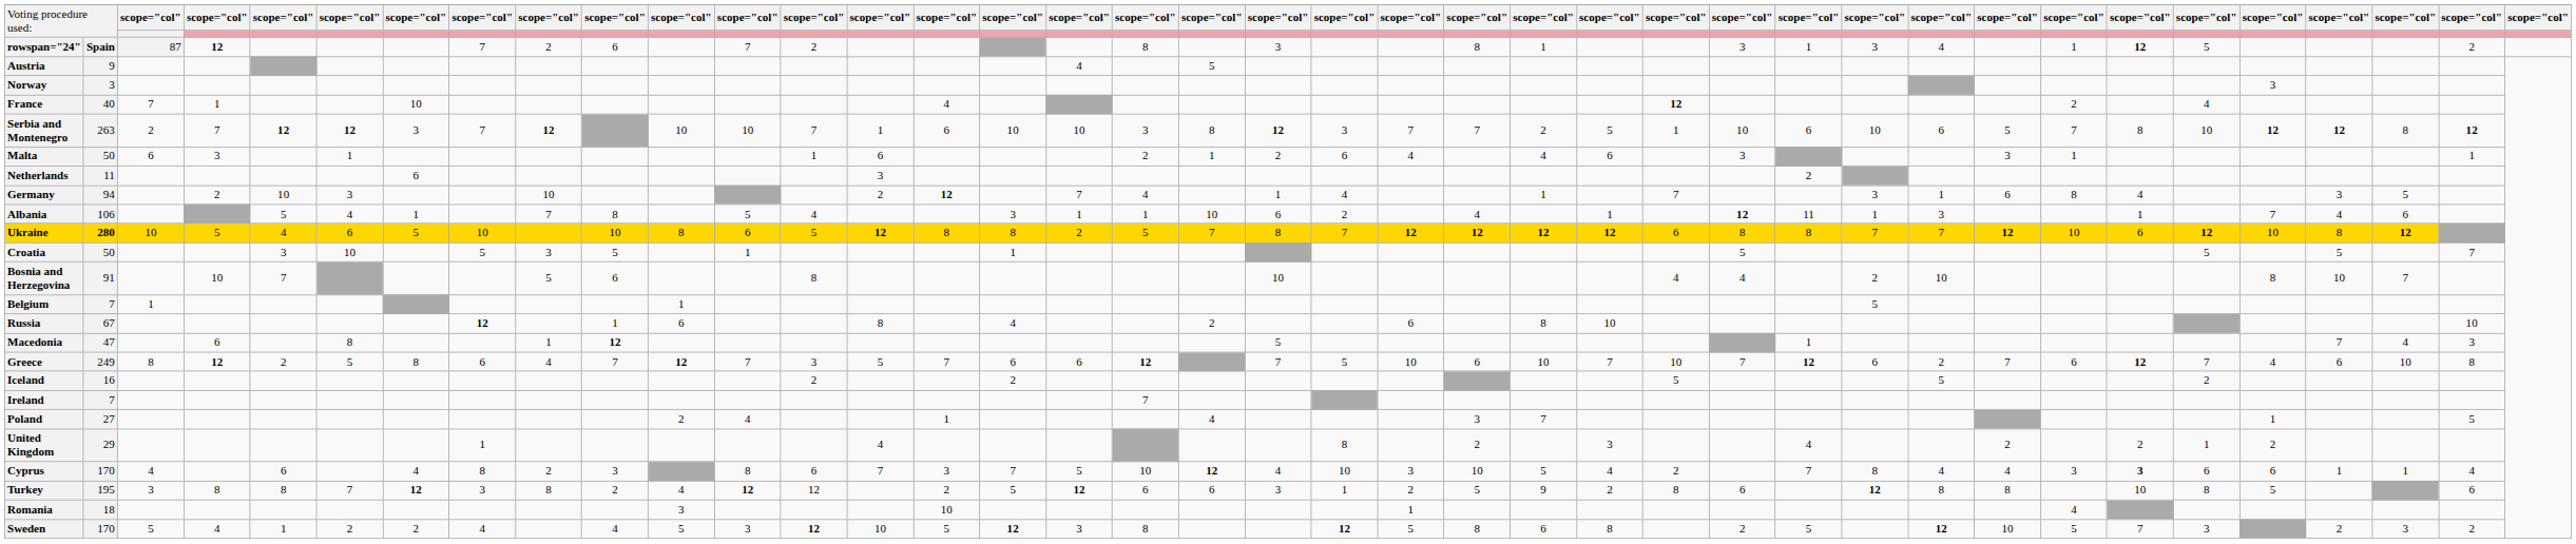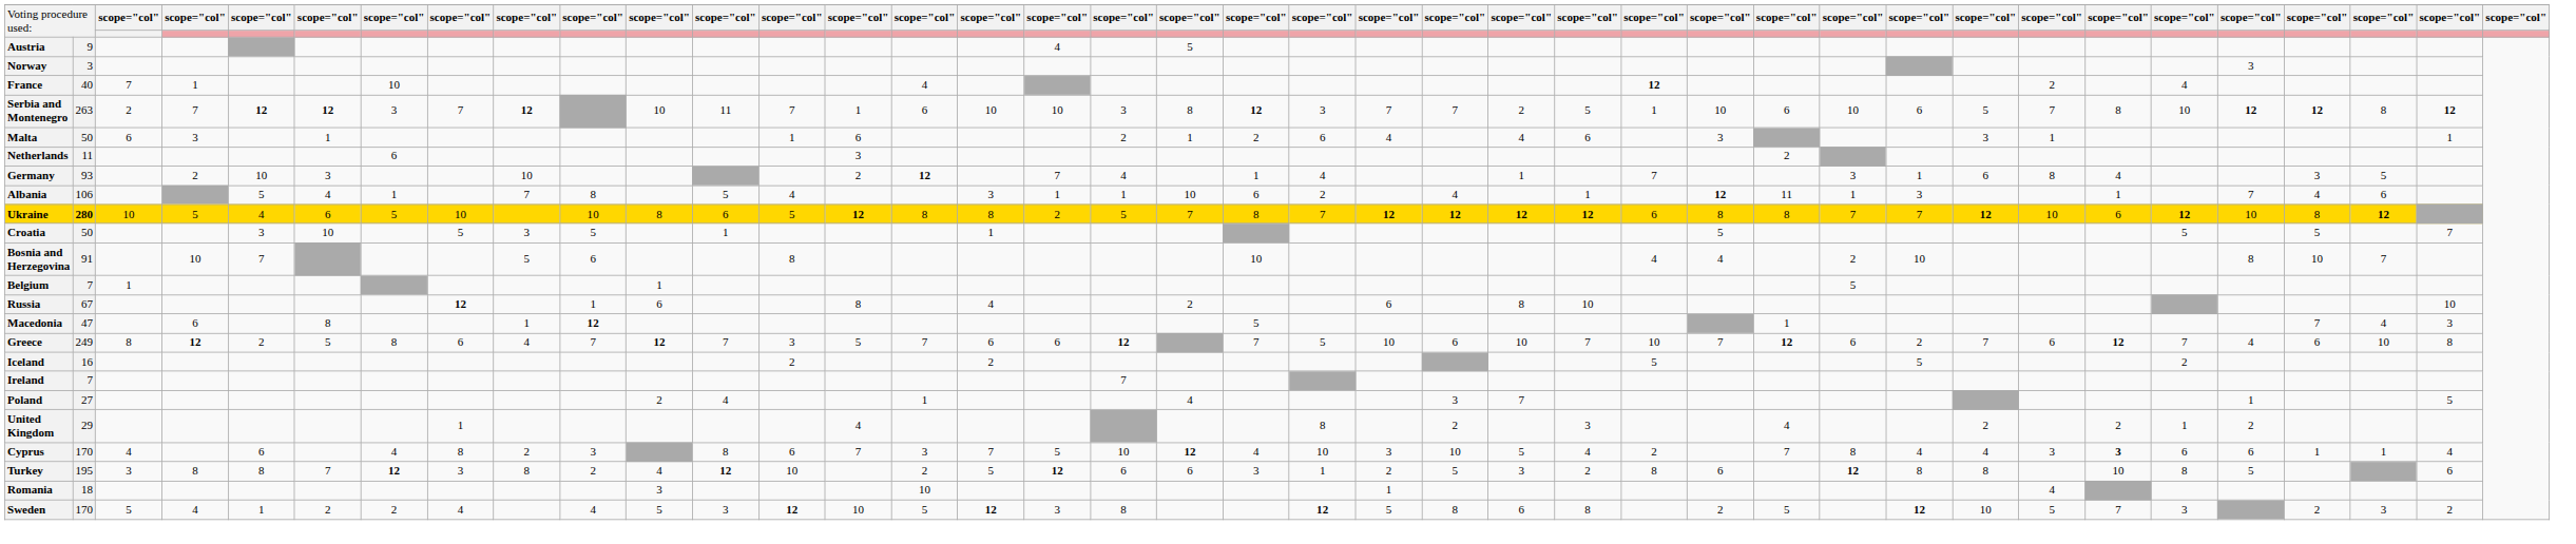 <table class="wikitable plainrowheaders" style="text-align:center; font-size:85%;">
 <tr>
 </tr>
 <tr>
 <td colspan="2" rowspan="2" style="text-align:left; background:#F2F2F2">Voting procedure used:<br></td>
 <th>scope="col" </th>
 <th>scope="col" </th>
 <th>scope="col" </th>
 <th>scope="col" </th>
 <th>scope="col" </th>
 <th>scope="col" </th>
 <th>scope="col" </th>
 <th>scope="col" </th>
 <th>scope="col" </th>
 <th>scope="col" </th>
 <th>scope="col" </th>
 <th>scope="col" </th>
 <th>scope="col" </th>
 <th>scope="col" </th>
 <th>scope="col" </th>
 <th>scope="col" </th>
 <th>scope="col" </th>
 <th>scope="col" </th>
 <th>scope="col" </th>
 <th>scope="col" </th>
 <th>scope="col" </th>
 <th>scope="col" </th>
 <th>scope="col" </th>
 <th>scope="col" </th>
 <th>scope="col" </th>
 <th>scope="col" </th>
 <th>scope="col" </th>
 <th>scope="col" </th>
 <th>scope="col" </th>
 <th>scope="col" </th>
 <th>scope="col" </th>
 <th>scope="col" </th>
 <th>scope="col" </th>
 <th>scope="col" </th>
 <th>scope="col" </th>
 <th>scope="col" </th>
 <th>scope="col" </th>
 </tr>
 <tr>
 <th style="height:2px; border-top:1px solid transparent;"></th>
 <td style="background:#EFA4A9;"></td>
 <td style="background:#EFA4A9;"></td>
 <td style="background:#EFA4A9;"></td>
 <td style="background:#EFA4A9;"></td>
 <td style="background:#EFA4A9;"></td>
 <td style="background:#EFA4A9;"></td>
 <td style="background:#EFA4A9;"></td>
 <td style="background:#EFA4A9;"></td>
 <td style="background:#EFA4A9;"></td>
 <td style="background:#EFA4A9;"></td>
 <td style="background:#EFA4A9;"></td>
 <td style="background:#EFA4A9;"></td>
 <td style="background:#EFA4A9;"></td>
 <td style="background:#EFA4A9;"></td>
 <td style="background:#EFA4A9;"></td>
 <td style="background:#EFA4A9;"></td>
 <td style="background:#EFA4A9;"></td>
 <td style="background:#EFA4A9;"></td>
 <td style="background:#EFA4A9;"></td>
 <td style="background:#EFA4A9;"></td>
 <td style="background:#EFA4A9;"></td>
 <td style="background:#EFA4A9;"></td>
 <td style="background:#EFA4A9;"></td>
 <td style="background:#EFA4A9;"></td>
 <td style="background:#EFA4A9;"></td>
 <td style="background:#EFA4A9;"></td>
 <td style="background:#EFA4A9;"></td>
 <td style="background:#EFA4A9;"></td>
 <td style="background:#EFA4A9;"></td>
 <td style="background:#EFA4A9;"></td>
 <td style="background:#EFA4A9;"></td>
 <td style="background:#EFA4A9;"></td>
 <td style="background:#EFA4A9;"></td>
 <td style="background:#EFA4A9;"></td>
 <td style="background:#EFA4A9;"></td>
 <td style="background:#EFA4A9;"></td>
-</tr>
-<tr>
-<th>rowspan="24" </th>
-<th scope="row" style="text-align:left; background:#f2f2f2;">Spain</th>
-<td style="text-align:right; background:#f2f2f2;">87</td>
-<td><strong>12</strong></td>
-<td></td>
-<td></td>
-<td></td>
-<td>7</td>
-<td>2</td>
-<td>6</td>
-<td></td>
-<td>7</td>
-<td>2</td>
-<td></td>
-<td></td>
-<td style="text-align:left; background:#aaa;"></td>
-<td></td>
-<td>8</td>
-<td></td>
-<td>3</td>
-<td></td>
-<td></td>
-<td>8</td>
-<td>1</td>
-<td></td>
-<td></td>
-<td>3</td>
-<td>1</td>
-<td>3</td>
-<td>4</td>
-<td></td>
-<td>1</td>
-<td><strong>12</strong></td>
-<td>5</td>
-<td></td>
-<td></td>
-<td></td>
-<td>2</td>
-<td></td>
 </tr>
 <tr>
 <th scope="row" style="text-align:left; background:#f2f2f2;">Austria</th>
 <td style="text-align:right; background:#f2f2f2;">9</td>
 <td></td>
 <td></td>
 <td style="text-align:left; background:#aaa;"></td>
 <td></td>
 <td></td>
 <td></td>
 <td></td>
 <td></td>
 <td></td>
 <td></td>
 <td></td>
 <td></td>
 <td></td>
 <td></td>
 <td>4</td>
 <td></td>
 <td>5</td>
 <td></td>
 <td></td>
 <td></td>
 <td></td>
 <td></td>
 <td></td>
 <td></td>
 <td></td>
 <td></td>
 <td></td>
 <td></td>
 <td></td>
 <td></td>
 <td></td>
 <td></td>
 <td></td>
 <td></td>
 <td></td>
 <td></td>
 </tr>
 <tr>
 <th scope="row" style="text-align:left; background:#f2f2f2;">Norway</th>
 <td style="text-align:right; background:#f2f2f2;">3</td>
 <td></td>
 <td></td>
 <td></td>
 <td></td>
 <td></td>
 <td></td>
 <td></td>
 <td></td>
 <td></td>
 <td></td>
 <td></td>
 <td></td>
 <td></td>
 <td></td>
 <td></td>
 <td></td>
 <td></td>
 <td></td>
 <td></td>
 <td></td>
 <td></td>
 <td></td>
 <td></td>
 <td></td>
 <td></td>
 <td></td>
 <td></td>
 <td style="text-align:left; background:#aaa;"></td>
 <td></td>
 <td></td>
 <td></td>
 <td></td>
 <td>3</td>
 <td></td>
 <td></td>
 <td></td>
 </tr>
 <tr>
 <th scope="row" style="text-align:left; background:#f2f2f2;">France</th>
 <td style="text-align:right; background:#f2f2f2;">40</td>
 <td>7</td>
 <td>1</td>
 <td></td>
 <td></td>
 <td>10</td>
 <td></td>
 <td></td>
 <td></td>
 <td></td>
 <td></td>
 <td></td>
 <td></td>
 <td>4</td>
 <td></td>
 <td style="text-align:left; background:#aaa;"></td>
 <td></td>
 <td></td>
 <td></td>
 <td></td>
 <td></td>
 <td></td>
 <td></td>
 <td></td>
 <td><strong>12</strong></td>
 <td></td>
 <td></td>
 <td></td>
 <td></td>
 <td></td>
 <td>2</td>
 <td></td>
 <td>4</td>
 <td></td>
 <td></td>
 <td></td>
 <td></td>
 </tr>
 <tr>
 <th scope="row" style="text-align:left; background:#f2f2f2;">Serbia and Montenegro</th>
 <td style="text-align:right; background:#f2f2f2;">263</td>
 <td>2</td>
 <td>7</td>
 <td><strong>12</strong></td>
 <td><strong>12</strong></td>
 <td>3</td>
 <td>7</td>
 <td><strong>12</strong></td>
 <td style="text-align:left; background:#aaa;"></td>
 <td>10</td>
-<td>10</td>
+<td>11</td>
 <td>7</td>
 <td>1</td>
 <td>6</td>
 <td>10</td>
 <td>10</td>
 <td>3</td>
 <td>8</td>
 <td><strong>12</strong></td>
 <td>3</td>
 <td>7</td>
 <td>7</td>
 <td>2</td>
 <td>5</td>
 <td>1</td>
 <td>10</td>
 <td>6</td>
 <td>10</td>
 <td>6</td>
 <td>5</td>
 <td>7</td>
 <td>8</td>
 <td>10</td>
 <td><strong>12</strong></td>
 <td><strong>12</strong></td>
 <td>8</td>
 <td><strong>12</strong></td>
 </tr>
 <tr>
 <th scope="row" style="text-align:left; background:#f2f2f2;">Malta</th>
 <td style="text-align:right; background:#f2f2f2;">50</td>
 <td>6</td>
 <td>3</td>
 <td></td>
 <td>1</td>
 <td></td>
 <td></td>
 <td></td>
 <td></td>
 <td></td>
 <td></td>
 <td>1</td>
 <td>6</td>
 <td></td>
 <td></td>
 <td></td>
 <td>2</td>
 <td>1</td>
 <td>2</td>
 <td>6</td>
 <td>4</td>
 <td></td>
 <td>4</td>
 <td>6</td>
 <td></td>
 <td>3</td>
 <td style="text-align:left; background:#aaa;"></td>
 <td></td>
 <td></td>
 <td>3</td>
 <td>1</td>
 <td></td>
 <td></td>
 <td></td>
 <td></td>
 <td></td>
 <td>1</td>
 </tr>
 <tr>
 <th scope="row" style="text-align:left; background:#f2f2f2;">Netherlands</th>
 <td style="text-align:right; background:#f2f2f2;">11</td>
 <td></td>
 <td></td>
 <td></td>
 <td></td>
 <td>6</td>
 <td></td>
 <td></td>
 <td></td>
 <td></td>
 <td></td>
 <td></td>
 <td>3</td>
 <td></td>
 <td></td>
 <td></td>
 <td></td>
 <td></td>
 <td></td>
 <td></td>
 <td></td>
 <td></td>
 <td></td>
 <td></td>
 <td></td>
 <td></td>
 <td>2</td>
 <td style="text-align:left; background:#aaa;"></td>
 <td></td>
 <td></td>
 <td></td>
 <td></td>
 <td></td>
 <td></td>
 <td></td>
 <td></td>
 <td></td>
 </tr>
 <tr>
 <th scope="row" style="text-align:left; background:#f2f2f2;">Germany</th>
-<td style="text-align:right; background:#f2f2f2;">94</td>
+<td style="text-align:right; background:#f2f2f2;">93</td>
 <td></td>
 <td>2</td>
 <td>10</td>
 <td>3</td>
 <td></td>
 <td></td>
 <td>10</td>
 <td></td>
 <td></td>
 <td style="text-align:left; background:#aaa;"></td>
 <td></td>
 <td>2</td>
 <td><strong>12</strong></td>
 <td></td>
 <td>7</td>
 <td>4</td>
 <td></td>
 <td>1</td>
 <td>4</td>
 <td></td>
 <td></td>
 <td>1</td>
 <td></td>
 <td>7</td>
 <td></td>
 <td></td>
 <td>3</td>
 <td>1</td>
 <td>6</td>
 <td>8</td>
 <td>4</td>
 <td></td>
 <td></td>
 <td>3</td>
 <td>5</td>
 <td></td>
 </tr>
 <tr>
 <th scope="row" style="text-align:left; background:#f2f2f2;">Albania</th>
 <td style="text-align:right; background:#f2f2f2;">106</td>
 <td></td>
 <td style="text-align:left; background:#aaa;"></td>
 <td>5</td>
 <td>4</td>
 <td>1</td>
 <td></td>
 <td>7</td>
 <td>8</td>
 <td></td>
 <td>5</td>
 <td>4</td>
 <td></td>
 <td></td>
 <td>3</td>
 <td>1</td>
 <td>1</td>
 <td>10</td>
 <td>6</td>
 <td>2</td>
 <td></td>
 <td>4</td>
 <td></td>
 <td>1</td>
 <td></td>
 <td><strong>12</strong></td>
 <td>11</td>
 <td>1</td>
 <td>3</td>
 <td></td>
 <td></td>
 <td>1</td>
 <td></td>
 <td>7</td>
 <td>4</td>
 <td>6</td>
 <td></td>
 </tr>
 <tr style="background:gold;">
 <th scope="row" style="text-align:left; font-weight:bold; background:gold;">Ukraine</th>
 <td style="text-align:right; font-weight:bold;">280</td>
 <td>10</td>
 <td>5</td>
 <td>4</td>
 <td>6</td>
 <td>5</td>
 <td>10</td>
 <td></td>
 <td>10</td>
 <td>8</td>
 <td>6</td>
 <td>5</td>
 <td><strong>12</strong></td>
 <td>8</td>
 <td>8</td>
 <td>2</td>
 <td>5</td>
 <td>7</td>
 <td>8</td>
 <td>7</td>
 <td><strong>12</strong></td>
 <td><strong>12</strong></td>
 <td><strong>12</strong></td>
 <td><strong>12</strong></td>
 <td>6</td>
 <td>8</td>
 <td>8</td>
 <td>7</td>
 <td>7</td>
 <td><strong>12</strong></td>
 <td>10</td>
 <td>6</td>
 <td><strong>12</strong></td>
 <td>10</td>
 <td>8</td>
 <td><strong>12</strong></td>
 <td style="text-align:left; background:#aaa;"></td>
 </tr>
 <tr>
 <th scope="row" style="text-align:left; background:#f2f2f2;">Croatia</th>
 <td style="text-align:right; background:#f2f2f2;">50</td>
 <td></td>
 <td></td>
 <td>3</td>
 <td>10</td>
 <td></td>
 <td>5</td>
 <td>3</td>
 <td>5</td>
 <td></td>
 <td>1</td>
 <td></td>
 <td></td>
 <td></td>
 <td>1</td>
 <td></td>
 <td></td>
 <td></td>
 <td style="text-align:left; background:#aaa;"></td>
 <td></td>
 <td></td>
 <td></td>
 <td></td>
 <td></td>
 <td></td>
 <td>5</td>
 <td></td>
 <td></td>
 <td></td>
 <td></td>
 <td></td>
 <td></td>
 <td>5</td>
 <td></td>
 <td>5</td>
 <td></td>
 <td>7</td>
 </tr>
 <tr>
 <th scope="row" style="text-align:left; background:#f2f2f2;">Bosnia and Herzegovina</th>
 <td style="text-align:right; background:#f2f2f2;">91</td>
 <td></td>
 <td>10</td>
 <td>7</td>
 <td style="text-align:left; background:#aaa;"></td>
 <td></td>
 <td></td>
 <td>5</td>
 <td>6</td>
 <td></td>
 <td></td>
 <td>8</td>
 <td></td>
 <td></td>
 <td></td>
 <td></td>
 <td></td>
 <td></td>
 <td>10</td>
 <td></td>
 <td></td>
 <td></td>
 <td></td>
 <td></td>
 <td>4</td>
 <td>4</td>
 <td></td>
 <td>2</td>
 <td>10</td>
 <td></td>
 <td></td>
 <td></td>
 <td></td>
 <td>8</td>
 <td>10</td>
 <td>7</td>
 <td></td>
 </tr>
 <tr>
 <th scope="row" style="text-align:left; background:#f2f2f2;">Belgium</th>
 <td style="text-align:right; background:#f2f2f2;">7</td>
 <td>1</td>
 <td></td>
 <td></td>
 <td></td>
 <td style="text-align:left; background:#aaa;"></td>
 <td></td>
 <td></td>
 <td></td>
 <td>1</td>
 <td></td>
 <td></td>
 <td></td>
 <td></td>
 <td></td>
 <td></td>
 <td></td>
 <td></td>
 <td></td>
 <td></td>
 <td></td>
 <td></td>
 <td></td>
 <td></td>
 <td></td>
 <td></td>
 <td></td>
 <td>5</td>
 <td></td>
 <td></td>
 <td></td>
 <td></td>
 <td></td>
 <td></td>
 <td></td>
 <td></td>
 <td></td>
 </tr>
 <tr>
 <th scope="row" style="text-align:left; background:#f2f2f2;">Russia</th>
 <td style="text-align:right; background:#f2f2f2;">67</td>
 <td></td>
 <td></td>
 <td></td>
 <td></td>
 <td></td>
 <td><strong>12</strong></td>
 <td></td>
 <td>1</td>
 <td>6</td>
 <td></td>
 <td></td>
 <td>8</td>
 <td></td>
 <td>4</td>
 <td></td>
 <td></td>
 <td>2</td>
 <td></td>
 <td></td>
 <td>6</td>
 <td></td>
 <td>8</td>
 <td>10</td>
 <td></td>
 <td></td>
 <td></td>
 <td></td>
 <td></td>
 <td></td>
 <td></td>
 <td></td>
 <td style="text-align:left; background:#aaa;"></td>
 <td></td>
 <td></td>
 <td></td>
 <td>10</td>
 </tr>
 <tr>
 <th scope="row" style="text-align:left; background:#f2f2f2;">Macedonia</th>
 <td style="text-align:right; background:#f2f2f2;">47</td>
 <td></td>
 <td>6</td>
 <td></td>
 <td>8</td>
 <td></td>
 <td></td>
 <td>1</td>
 <td><strong>12</strong></td>
 <td></td>
 <td></td>
 <td></td>
 <td></td>
 <td></td>
 <td></td>
 <td></td>
 <td></td>
 <td></td>
 <td>5</td>
 <td></td>
 <td></td>
 <td></td>
 <td></td>
 <td></td>
 <td></td>
 <td style="text-align:left; background:#aaa;"></td>
 <td>1</td>
 <td></td>
 <td></td>
 <td></td>
 <td></td>
 <td></td>
 <td></td>
 <td></td>
 <td>7</td>
 <td>4</td>
 <td>3</td>
 </tr>
 <tr>
 <th scope="row" style="text-align:left; background:#f2f2f2;">Greece</th>
 <td style="text-align:right; background:#f2f2f2;">249</td>
 <td>8</td>
 <td><strong>12</strong></td>
 <td>2</td>
 <td>5</td>
 <td>8</td>
 <td>6</td>
 <td>4</td>
 <td>7</td>
 <td><strong>12</strong></td>
 <td>7</td>
 <td>3</td>
 <td>5</td>
 <td>7</td>
 <td>6</td>
 <td>6</td>
 <td><strong>12</strong></td>
 <td style="text-align:left; background:#aaa;"></td>
 <td>7</td>
 <td>5</td>
 <td>10</td>
 <td>6</td>
 <td>10</td>
 <td>7</td>
 <td>10</td>
 <td>7</td>
 <td><strong>12</strong></td>
 <td>6</td>
 <td>2</td>
 <td>7</td>
 <td>6</td>
 <td><strong>12</strong></td>
 <td>7</td>
 <td>4</td>
 <td>6</td>
 <td>10</td>
 <td>8</td>
 </tr>
 <tr>
 <th scope="row" style="text-align:left; background:#f2f2f2;">Iceland</th>
 <td style="text-align:right; background:#f2f2f2;">16</td>
 <td></td>
 <td></td>
 <td></td>
 <td></td>
 <td></td>
 <td></td>
 <td></td>
 <td></td>
 <td></td>
 <td></td>
 <td>2</td>
 <td></td>
 <td></td>
 <td>2</td>
 <td></td>
 <td></td>
 <td></td>
 <td></td>
 <td></td>
 <td></td>
 <td style="text-align:left; background:#aaa;"></td>
 <td></td>
 <td></td>
 <td>5</td>
 <td></td>
 <td></td>
 <td></td>
 <td>5</td>
 <td></td>
 <td></td>
 <td></td>
 <td>2</td>
 <td></td>
 <td></td>
 <td></td>
 <td></td>
 </tr>
 <tr>
 <th scope="row" style="text-align:left; background:#f2f2f2;">Ireland</th>
 <td style="text-align:right; background:#f2f2f2;">7</td>
 <td></td>
 <td></td>
 <td></td>
 <td></td>
 <td></td>
 <td></td>
 <td></td>
 <td></td>
 <td></td>
 <td></td>
 <td></td>
 <td></td>
 <td></td>
 <td></td>
 <td></td>
 <td>7</td>
 <td></td>
 <td></td>
 <td style="text-align:left; background:#aaa;"></td>
 <td></td>
 <td></td>
 <td></td>
 <td></td>
 <td></td>
 <td></td>
 <td></td>
 <td></td>
 <td></td>
 <td></td>
 <td></td>
 <td></td>
 <td></td>
 <td></td>
 <td></td>
 <td></td>
 <td></td>
 </tr>
 <tr>
 <th scope="row" style="text-align:left; background:#f2f2f2;">Poland</th>
 <td style="text-align:right; background:#f2f2f2;">27</td>
 <td></td>
 <td></td>
 <td></td>
 <td></td>
 <td></td>
 <td></td>
 <td></td>
 <td></td>
 <td>2</td>
 <td>4</td>
 <td></td>
 <td></td>
 <td>1</td>
 <td></td>
 <td></td>
 <td></td>
 <td>4</td>
 <td></td>
 <td></td>
 <td></td>
 <td>3</td>
 <td>7</td>
 <td></td>
 <td></td>
 <td></td>
 <td></td>
 <td></td>
 <td></td>
 <td style="text-align:left; background:#aaa;"></td>
 <td></td>
 <td></td>
 <td></td>
 <td>1</td>
 <td></td>
 <td></td>
 <td>5</td>
 </tr>
 <tr>
 <th scope="row" style="text-align:left; background:#f2f2f2;">United Kingdom</th>
 <td style="text-align:right; background:#f2f2f2;">29</td>
 <td></td>
 <td></td>
 <td></td>
 <td></td>
 <td></td>
 <td>1</td>
 <td></td>
 <td></td>
 <td></td>
 <td></td>
 <td></td>
 <td>4</td>
 <td></td>
 <td></td>
 <td></td>
 <td style="text-align:left; background:#aaa;"></td>
 <td></td>
 <td></td>
 <td>8</td>
 <td></td>
 <td>2</td>
 <td></td>
 <td>3</td>
 <td></td>
 <td></td>
 <td>4</td>
 <td></td>
 <td></td>
 <td>2</td>
 <td></td>
 <td>2</td>
 <td>1</td>
 <td>2</td>
 <td></td>
 <td></td>
 <td></td>
 </tr>
 <tr>
 <th scope="row" style="text-align:left; background:#f2f2f2;">Cyprus</th>
 <td style="text-align:right; background:#f2f2f2;">170</td>
 <td>4</td>
 <td></td>
 <td>6</td>
 <td></td>
 <td>4</td>
 <td>8</td>
 <td>2</td>
 <td>3</td>
 <td style="text-align:left; background:#aaa;"></td>
 <td>8</td>
 <td>6</td>
 <td>7</td>
 <td>3</td>
 <td>7</td>
 <td>5</td>
 <td>10</td>
 <td><strong>12</strong></td>
 <td>4</td>
 <td>10</td>
 <td>3</td>
 <td>10</td>
 <td>5</td>
 <td>4</td>
 <td>2</td>
 <td></td>
 <td>7</td>
 <td>8</td>
 <td>4</td>
 <td>4</td>
 <td>3</td>
 <td><strong>3</strong></td>
 <td>6</td>
 <td>6</td>
 <td>1</td>
 <td>1</td>
 <td>4</td>
 </tr>
 <tr>
 <th scope="row" style="text-align:left; background:#f2f2f2;">Turkey</th>
 <td style="text-align:right; background:#f2f2f2;">195</td>
 <td>3</td>
 <td>8</td>
 <td>8</td>
 <td>7</td>
 <td><strong>12</strong></td>
 <td>3</td>
 <td>8</td>
 <td>2</td>
 <td>4</td>
 <td><strong>12</strong></td>
-<td>12</td>
+<td>10</td>
 <td></td>
 <td>2</td>
 <td>5</td>
 <td><strong>12</strong></td>
 <td>6</td>
 <td>6</td>
 <td>3</td>
 <td>1</td>
 <td>2</td>
 <td>5</td>
-<td>9</td>
+<td>3</td>
 <td>2</td>
 <td>8</td>
 <td>6</td>
 <td></td>
 <td><strong>12</strong></td>
 <td>8</td>
 <td>8</td>
 <td></td>
 <td>10</td>
 <td>8</td>
 <td>5</td>
 <td></td>
 <td style="text-align:left; background:#aaa;"></td>
 <td>6</td>
 </tr>
 <tr>
 <th scope="row" style="text-align:left; background:#f2f2f2;">Romania</th>
 <td style="text-align:right; background:#f2f2f2;">18</td>
 <td></td>
 <td></td>
 <td></td>
 <td></td>
 <td></td>
 <td></td>
 <td></td>
 <td></td>
 <td>3</td>
 <td></td>
 <td></td>
 <td></td>
 <td>10</td>
 <td></td>
 <td></td>
 <td></td>
 <td></td>
 <td></td>
 <td></td>
 <td>1</td>
 <td></td>
 <td></td>
 <td></td>
 <td></td>
 <td></td>
 <td></td>
 <td></td>
 <td></td>
 <td></td>
 <td>4</td>
 <td style="text-align:left; background:#aaa;"></td>
 <td></td>
 <td></td>
 <td></td>
 <td></td>
 <td></td>
 </tr>
 <tr>
 <th scope="row" style="text-align:left; background:#f2f2f2;">Sweden</th>
 <td style="text-align:right; background:#f2f2f2;">170</td>
 <td>5</td>
 <td>4</td>
 <td>1</td>
 <td>2</td>
 <td>2</td>
 <td>4</td>
 <td></td>
 <td>4</td>
 <td>5</td>
 <td>3</td>
 <td><strong>12</strong></td>
 <td>10</td>
 <td>5</td>
 <td><strong>12</strong></td>
 <td>3</td>
 <td>8</td>
 <td></td>
 <td></td>
 <td><strong>12</strong></td>
 <td>5</td>
 <td>8</td>
 <td>6</td>
 <td>8</td>
 <td></td>
 <td>2</td>
 <td>5</td>
 <td></td>
 <td><strong>12</strong></td>
 <td>10</td>
 <td>5</td>
 <td>7</td>
 <td>3</td>
 <td style="text-align:left; background:#aaa;"></td>
 <td>2</td>
 <td>3</td>
 <td>2</td>
 </tr>
 </table>
